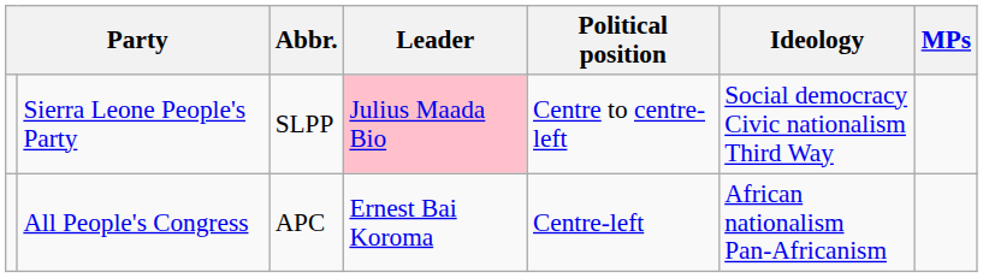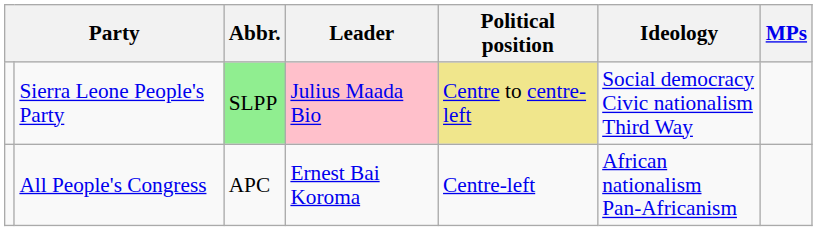 <table class="wikitable centre">
 <tr>
 <th colspan=2>Party</th>
 <th>Abbr.</th>
 <th>Leader</th>
 <th>Political position</th>
 <th>Ideology</th>
 <th><a href='#'>MPs</a></th>
 </tr>
 <tr>
 <td bgcolor=></td>
 <td><a href='#'>Sierra Leone People's Party</a></td>
-<td>SLPP</td>
+<td style="background: lightgreen;">SLPP</td>
 <td style="background: pink;"><a href='#'>Julius Maada Bio</a></td>
-<td><a href='#'>Centre</a> to <a href='#'>centre-left</a></td>
+<td style="background: khaki;"><a href='#'>Centre</a> to <a href='#'>centre-left</a></td>
 <td><a href='#'>Social democracy</a><br><a href='#'>Civic nationalism</a><br><a href='#'>Third Way</a></td>
 <td></td>
 </tr>
 <tr>
 <td bgcolor=></td>
 <td><a href='#'>All People's Congress</a></td>
 <td>APC</td>
 <td><a href='#'>Ernest Bai Koroma</a></td>
 <td><a href='#'>Centre-left</a></td>
 <td><a href='#'>African nationalism</a><br><a href='#'>Pan-Africanism</a></td>
 <td></td>
 </tr>
 </table>
